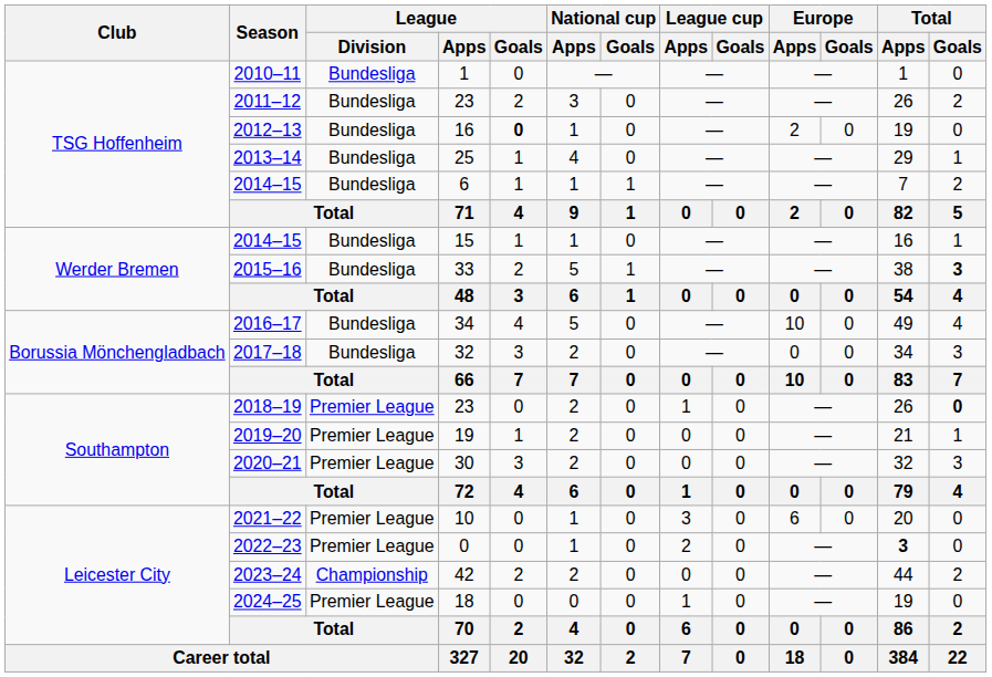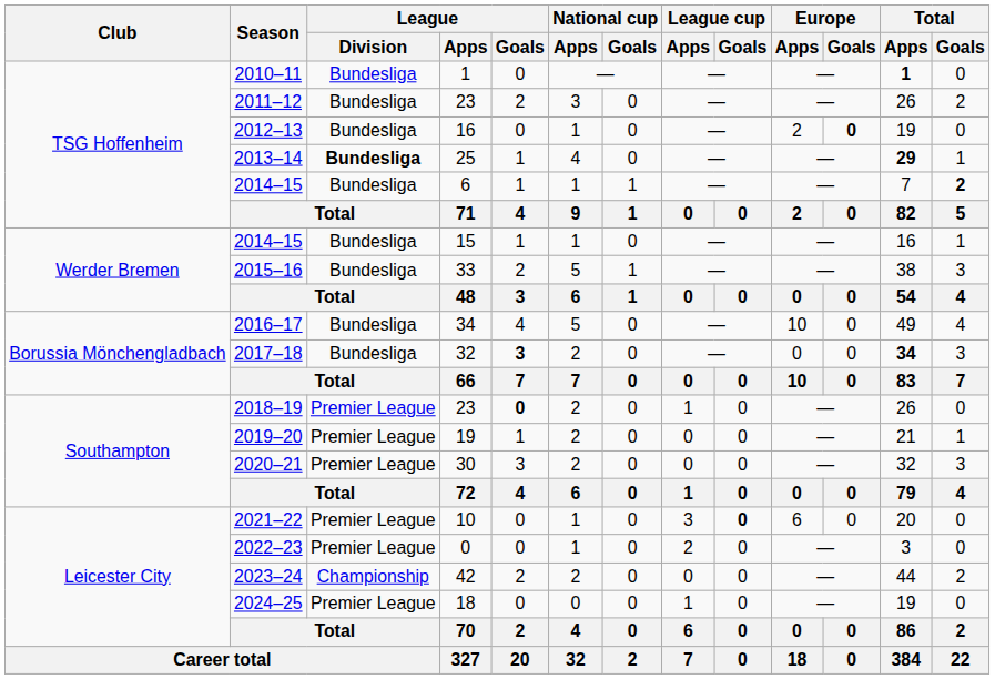 <table class=wikitable style=text-align:center>
 <tr>
 <th rowspan="2">Club</th>
 <th rowspan="2">Season</th>
 <th colspan="3">League</th>
 <th colspan="2">National cup</th>
 <th colspan="2">League cup</th>
 <th colspan="2">Europe</th>
 <th colspan="2">Total</th>
 </tr>
 <tr>
 <th>Division</th>
 <th>Apps</th>
 <th>Goals</th>
 <th>Apps</th>
 <th>Goals</th>
 <th>Apps</th>
 <th>Goals</th>
 <th>Apps</th>
 <th>Goals</th>
 <th>Apps</th>
 <th>Goals</th>
 </tr>
 <tr>
 <td rowspan="6"><a href='#'>TSG Hoffenheim</a></td>
 <td><a href='#'>2010–11</a></td>
 <td><a href='#'>Bundesliga</a></td>
 <td>1</td>
 <td>0</td>
 <td colspan="2">—</td>
 <td colspan="2">—</td>
 <td colspan="2">—</td>
-<td>1</td>
+<td><strong>1</strong></td>
 <td>0</td>
 </tr>
 <tr>
 <td><a href='#'>2011–12</a></td>
 <td>Bundesliga</td>
 <td>23</td>
 <td>2</td>
 <td>3</td>
 <td>0</td>
 <td colspan="2">—</td>
 <td colspan="2">—</td>
 <td>26</td>
 <td>2</td>
 </tr>
 <tr>
 <td><a href='#'>2012–13</a></td>
 <td>Bundesliga</td>
 <td>16</td>
-<td><strong>0</strong></td>
+<td>0</td>
 <td>1</td>
 <td>0</td>
 <td colspan="2">—</td>
 <td>2</td>
-<td>0</td>
+<td><strong>0</strong></td>
 <td>19</td>
 <td>0</td>
 </tr>
 <tr>
 <td><a href='#'>2013–14</a></td>
-<td>Bundesliga</td>
+<td><strong>Bundesliga</strong></td>
 <td>25</td>
 <td>1</td>
 <td>4</td>
 <td>0</td>
 <td colspan="2">—</td>
 <td colspan="2">—</td>
-<td>29</td>
+<td><strong>29</strong></td>
 <td>1</td>
 </tr>
 <tr>
 <td><a href='#'>2014–15</a></td>
 <td>Bundesliga</td>
 <td>6</td>
 <td>1</td>
 <td>1</td>
 <td>1</td>
 <td colspan="2">—</td>
 <td colspan="2">—</td>
 <td>7</td>
-<td>2</td>
+<td><strong>2</strong></td>
 </tr>
 <tr>
 <th colspan="2">Total</th>
 <th>71</th>
 <th>4</th>
 <th>9</th>
 <th>1</th>
 <th>0</th>
 <th>0</th>
 <th>2</th>
 <th>0</th>
 <th>82</th>
 <th>5</th>
 </tr>
 <tr>
 <td rowspan="3"><a href='#'>Werder Bremen</a></td>
 <td><a href='#'>2014–15</a></td>
 <td>Bundesliga</td>
 <td>15</td>
 <td>1</td>
 <td>1</td>
 <td>0</td>
 <td colspan="2">—</td>
 <td colspan="2">—</td>
 <td>16</td>
 <td>1</td>
 </tr>
 <tr>
 <td><a href='#'>2015–16</a></td>
 <td>Bundesliga</td>
 <td>33</td>
 <td>2</td>
 <td>5</td>
 <td>1</td>
 <td colspan="2">—</td>
 <td colspan="2">—</td>
 <td>38</td>
-<td><strong>3</strong></td>
+<td>3</td>
 </tr>
 <tr>
 <th colspan="2">Total</th>
 <th>48</th>
 <th>3</th>
 <th>6</th>
 <th>1</th>
 <th>0</th>
 <th>0</th>
 <th>0</th>
 <th>0</th>
 <th>54</th>
 <th>4</th>
 </tr>
 <tr>
 <td rowspan="3"><a href='#'>Borussia Mönchengladbach</a></td>
 <td><a href='#'>2016–17</a></td>
 <td>Bundesliga</td>
 <td>34</td>
 <td>4</td>
 <td>5</td>
 <td>0</td>
 <td colspan="2">—</td>
 <td>10</td>
 <td>0</td>
 <td>49</td>
 <td>4</td>
 </tr>
 <tr>
 <td><a href='#'>2017–18</a></td>
 <td>Bundesliga</td>
 <td>32</td>
-<td>3</td>
+<td><strong>3</strong></td>
 <td>2</td>
 <td>0</td>
 <td colspan="2">—</td>
 <td>0</td>
 <td>0</td>
-<td>34</td>
+<td><strong>34</strong></td>
 <td>3</td>
 </tr>
 <tr>
 <th colspan="2">Total</th>
 <th>66</th>
 <th>7</th>
 <th>7</th>
 <th>0</th>
 <th>0</th>
 <th>0</th>
 <th>10</th>
 <th>0</th>
 <th>83</th>
 <th>7</th>
 </tr>
 <tr>
 <td rowspan="4"><a href='#'>Southampton</a></td>
 <td><a href='#'>2018–19</a></td>
 <td><a href='#'>Premier League</a></td>
 <td>23</td>
-<td>0</td>
+<td><strong>0</strong></td>
 <td>2</td>
 <td>0</td>
 <td>1</td>
 <td>0</td>
 <td colspan="2">—</td>
 <td>26</td>
-<td><strong>0</strong></td>
+<td>0</td>
 </tr>
 <tr>
 <td><a href='#'>2019–20</a></td>
 <td>Premier League</td>
 <td>19</td>
 <td>1</td>
 <td>2</td>
 <td>0</td>
 <td>0</td>
 <td>0</td>
 <td colspan="2">—</td>
 <td>21</td>
 <td>1</td>
 </tr>
 <tr>
 <td><a href='#'>2020–21</a></td>
 <td>Premier League</td>
 <td>30</td>
 <td>3</td>
 <td>2</td>
 <td>0</td>
 <td>0</td>
 <td>0</td>
 <td colspan="2">—</td>
 <td>32</td>
 <td>3</td>
 </tr>
 <tr>
 <th colspan="2">Total</th>
 <th>72</th>
 <th>4</th>
 <th>6</th>
 <th>0</th>
 <th>1</th>
 <th>0</th>
 <th>0</th>
 <th>0</th>
 <th>79</th>
 <th>4</th>
 </tr>
 <tr>
 <td rowspan="5"><a href='#'>Leicester City</a></td>
 <td><a href='#'>2021–22</a></td>
 <td>Premier League</td>
 <td>10</td>
 <td>0</td>
 <td>1</td>
 <td>0</td>
 <td>3</td>
-<td>0</td>
+<td><strong>0</strong></td>
 <td>6</td>
 <td>0</td>
 <td>20</td>
 <td>0</td>
 </tr>
 <tr>
 <td><a href='#'>2022–23</a></td>
 <td>Premier League</td>
 <td>0</td>
 <td>0</td>
 <td>1</td>
 <td>0</td>
 <td>2</td>
 <td>0</td>
 <td colspan="2">—</td>
-<td><strong>3</strong></td>
+<td>3</td>
 <td>0</td>
 </tr>
 <tr>
 <td><a href='#'>2023–24</a></td>
 <td><a href='#'>Championship</a></td>
 <td>42</td>
 <td>2</td>
 <td>2</td>
 <td>0</td>
 <td>0</td>
 <td>0</td>
 <td colspan="2">—</td>
 <td>44</td>
 <td>2</td>
 </tr>
 <tr>
 <td><a href='#'>2024–25</a></td>
 <td>Premier League</td>
 <td>18</td>
 <td>0</td>
 <td>0</td>
 <td>0</td>
 <td>1</td>
 <td>0</td>
 <td colspan="2">—</td>
 <td>19</td>
 <td>0</td>
 </tr>
 <tr>
 <th colspan="2">Total</th>
 <th>70</th>
 <th>2</th>
 <th>4</th>
 <th>0</th>
 <th>6</th>
 <th>0</th>
 <th>0</th>
 <th>0</th>
 <th>86</th>
 <th>2</th>
 </tr>
 <tr>
 <th colspan="3">Career total</th>
 <th>327</th>
 <th>20</th>
 <th>32</th>
 <th>2</th>
 <th>7</th>
 <th>0</th>
 <th>18</th>
 <th>0</th>
 <th>384</th>
 <th>22</th>
 </tr>
 </table>
